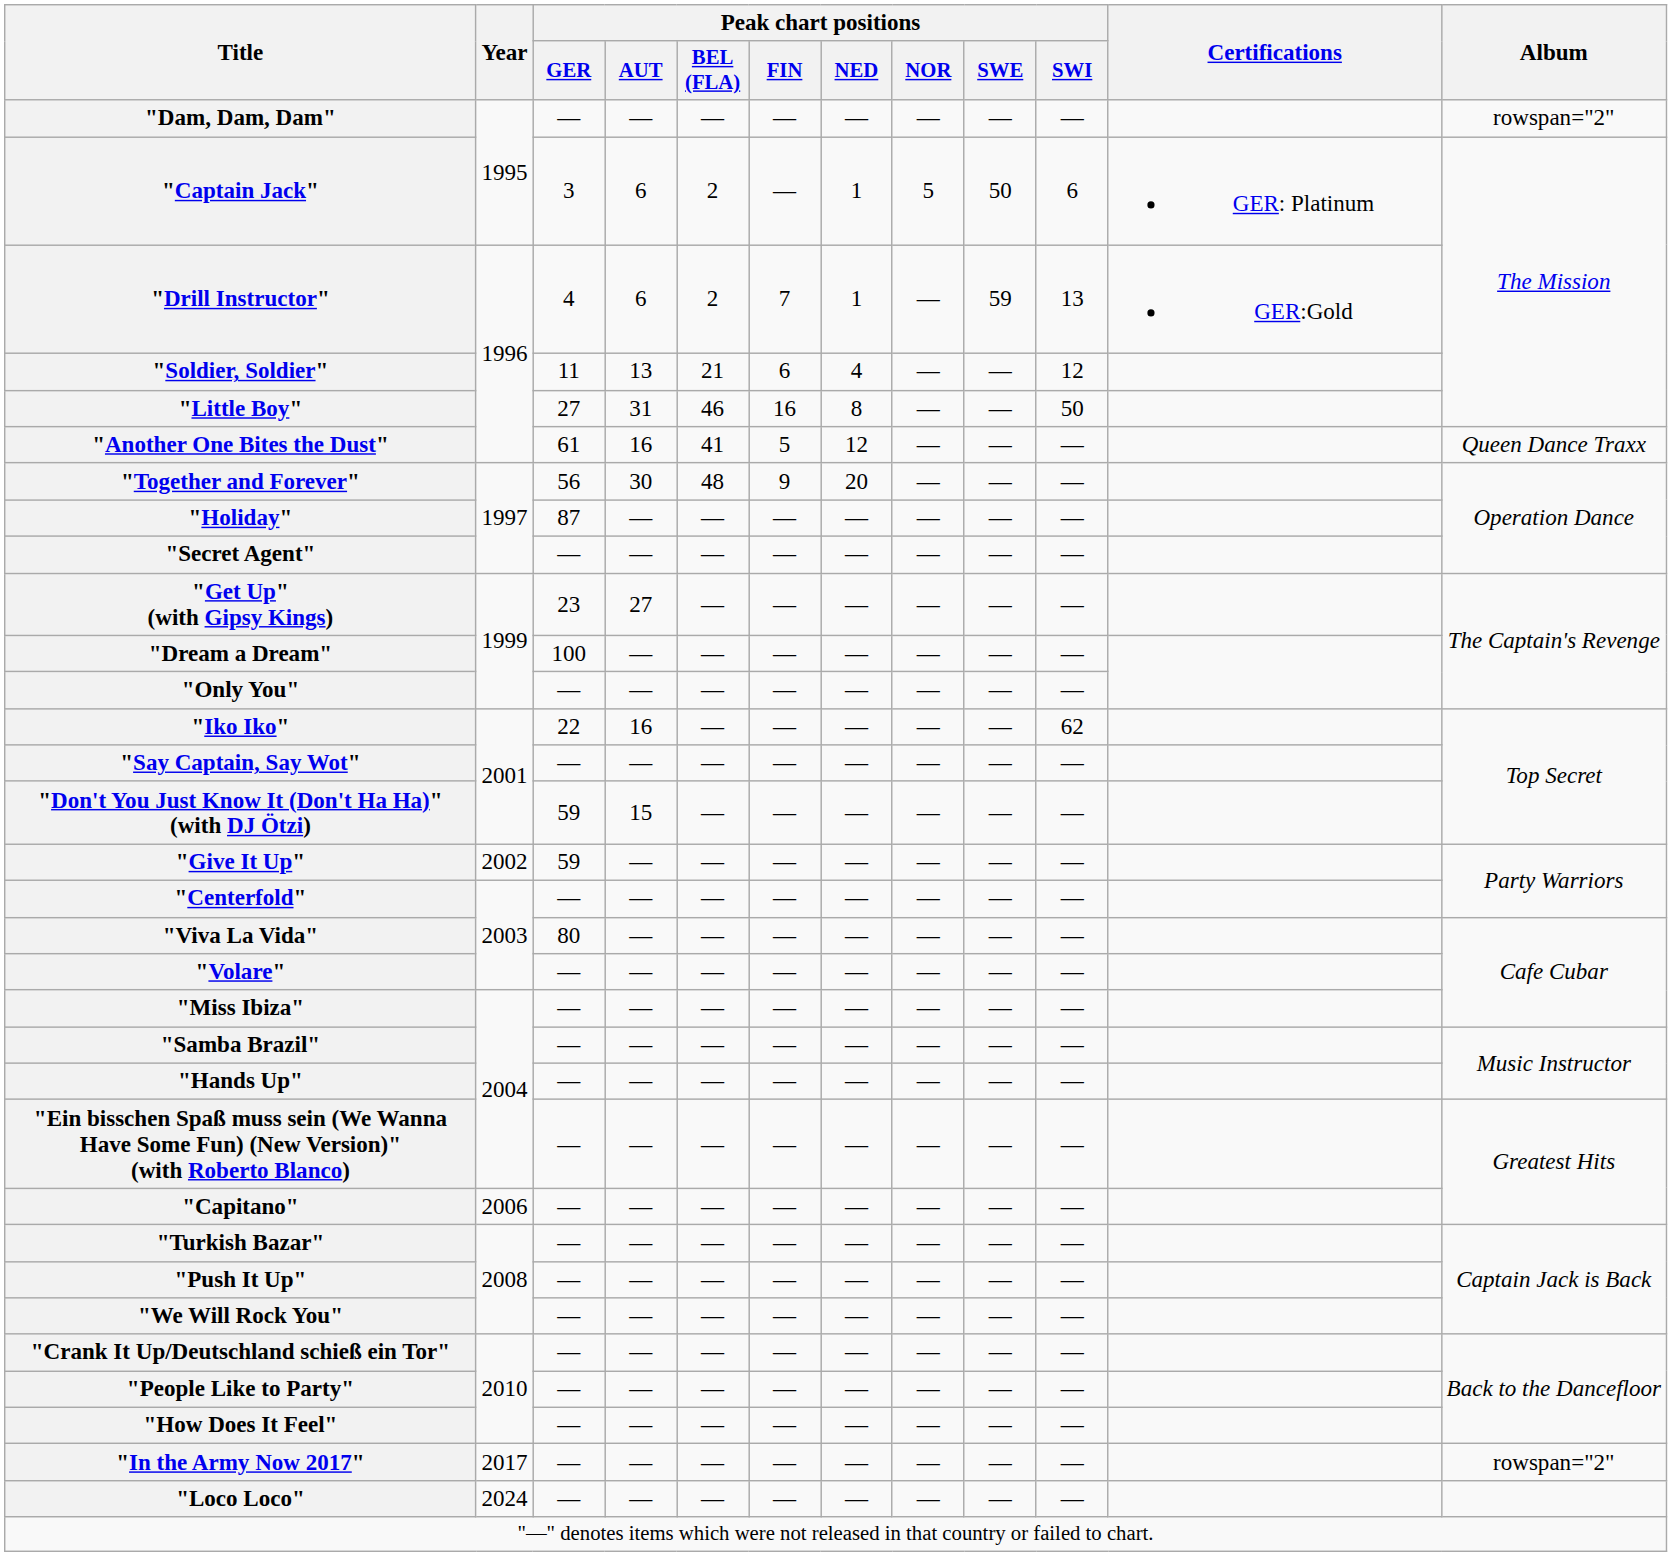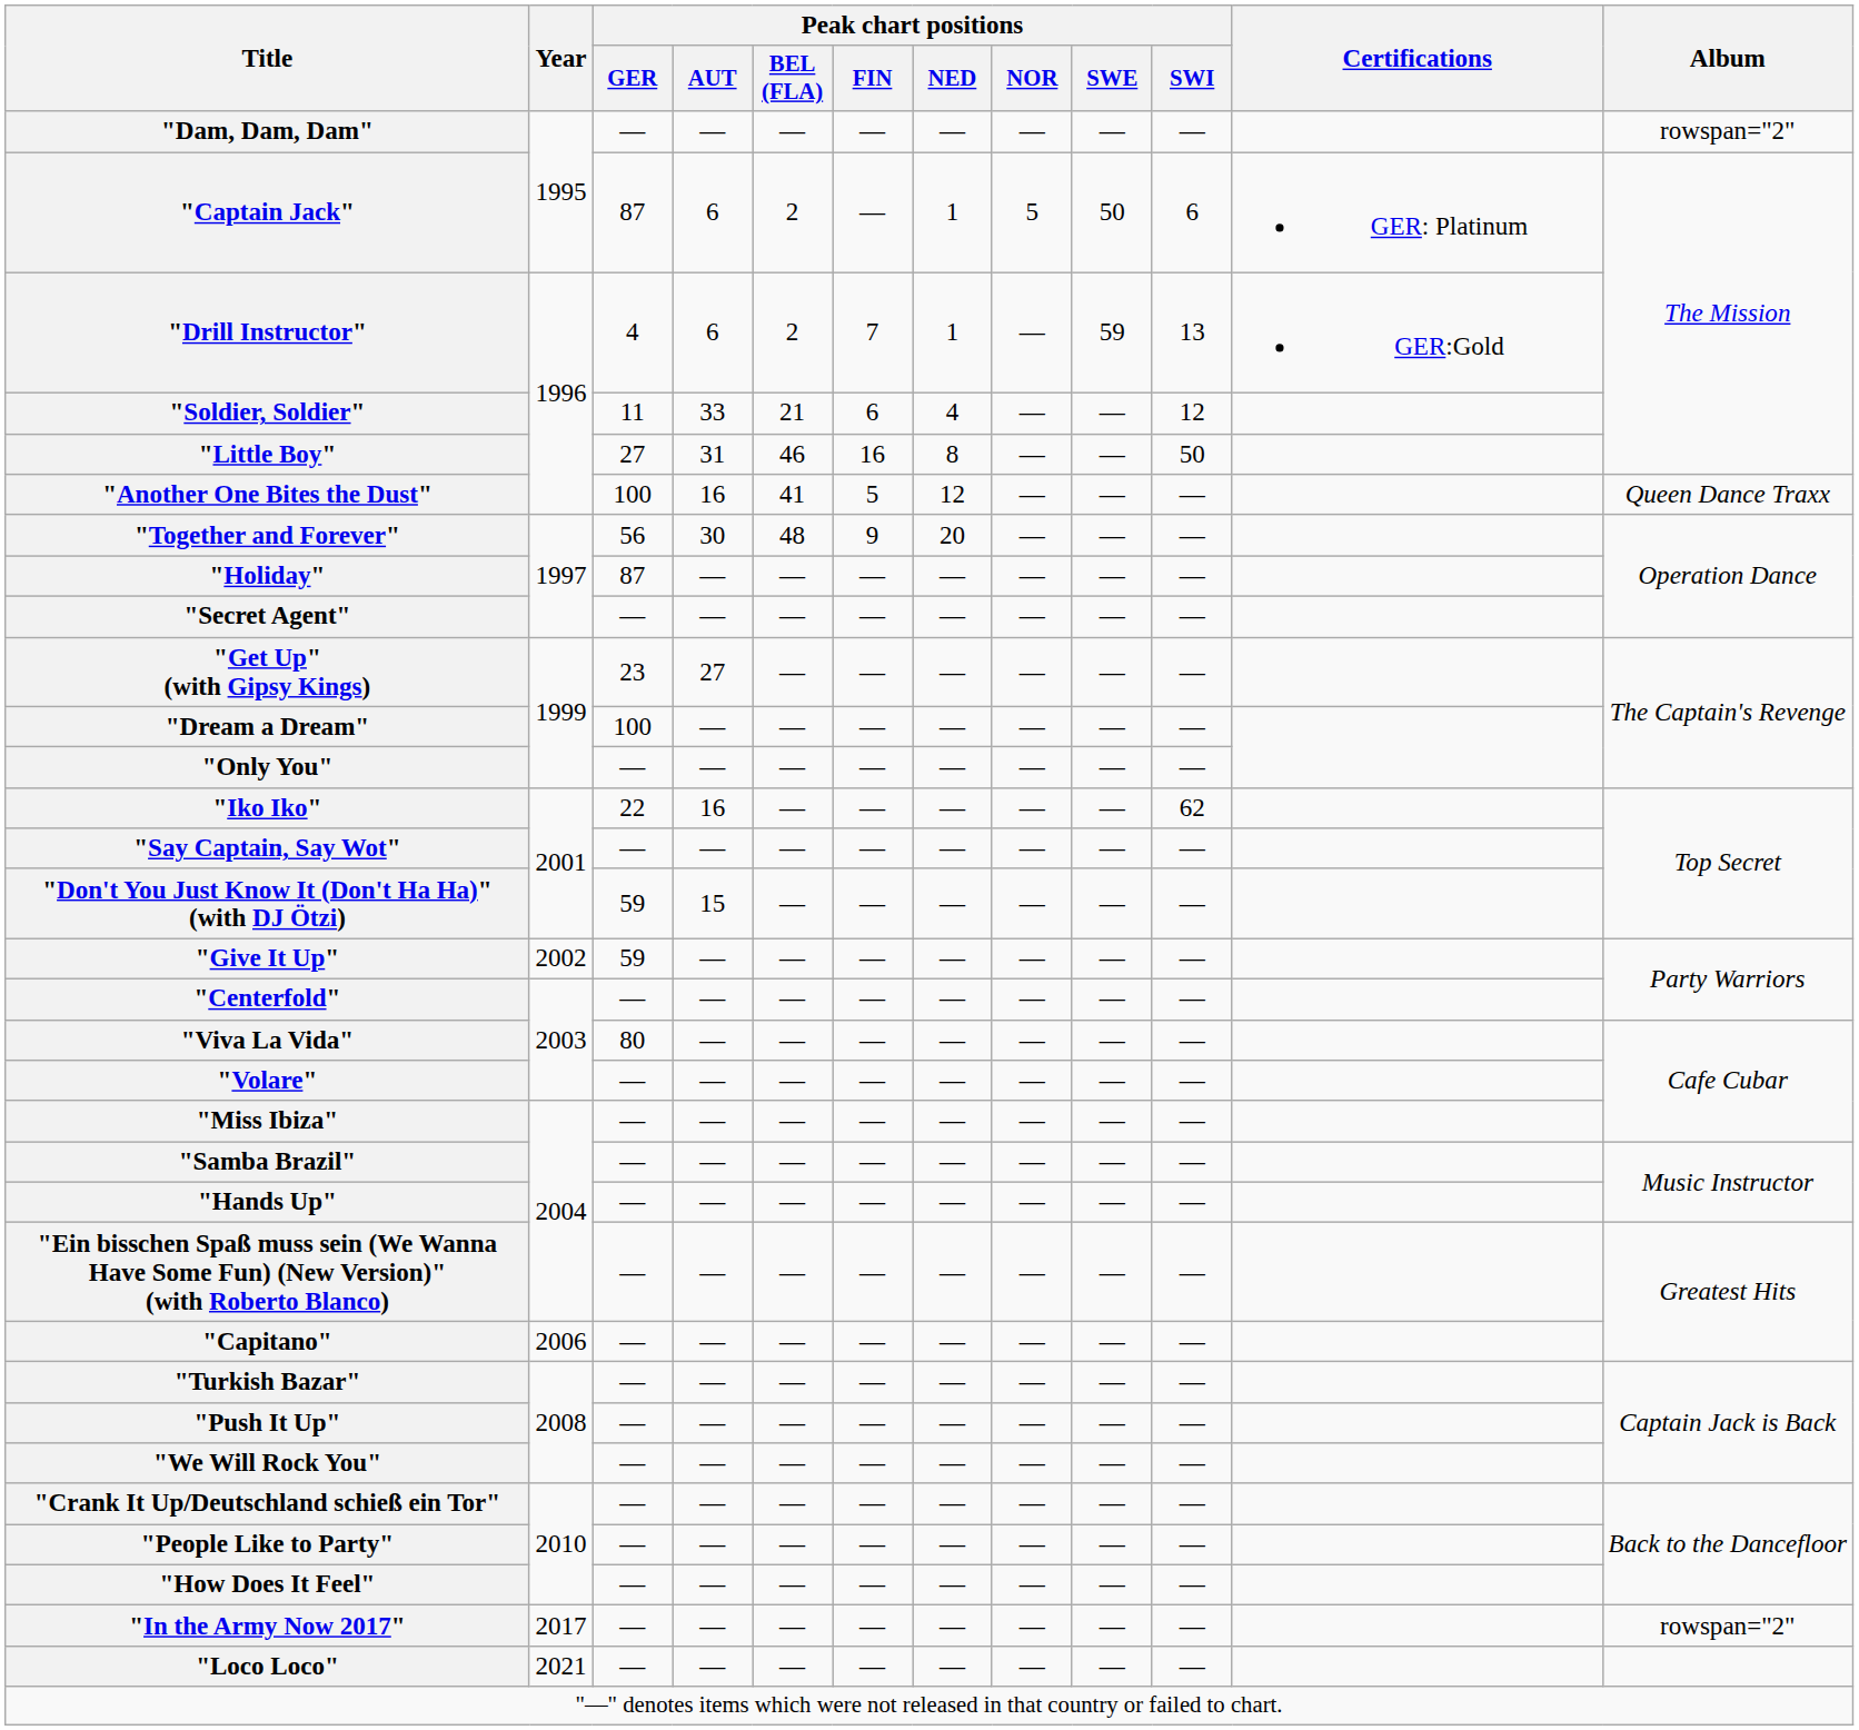 <table class="wikitable plainrowheaders" style="text-align:center;">
 <tr>
 <th scope="col" rowspan="2" style="width:20em;">Title</th>
 <th scope="col" rowspan="2">Year</th>
 <th scope="col" colspan="8">Peak chart positions</th>
 <th scope="col" rowspan="2" style="width:14em;"><a href='#'>Certifications</a></th>
 <th scope="col" rowspan="2">Album</th>
 </tr>
 <tr>
 <th style="width:3em;font-size:90%"><a href='#'>GER</a><br></th>
 <th style="width:3em;font-size:90%"><a href='#'>AUT</a><br></th>
 <th style="width:3em;font-size:90%"><a href='#'>BEL (FLA)</a> <br></th>
 <th style="width:3em;font-size:90%"><a href='#'>FIN</a><br></th>
 <th style="width:3em;font-size:90%"><a href='#'>NED</a><br></th>
 <th style="width:3em;font-size:90%"><a href='#'>NOR</a><br></th>
 <th style="width:3em;font-size:90%"><a href='#'>SWE</a><br></th>
 <th style="width:3em;font-size:90%"><a href='#'>SWI</a><br></th>
 </tr>
 <tr>
 <th scope="row">"Dam, Dam, Dam"</th>
 <td rowspan="2">1995</td>
 <td>—</td>
 <td>—</td>
 <td>—</td>
 <td>—</td>
 <td>—</td>
 <td>—</td>
 <td>—</td>
 <td>—</td>
 <td></td>
 <td>rowspan="2" </td>
 </tr>
 <tr>
 <th scope="row">"<a href='#'>Captain Jack</a>"</th>
-<td>3</td>
+<td>87</td>
 <td>6</td>
 <td>2</td>
 <td>—</td>
 <td>1</td>
 <td>5</td>
 <td>50</td>
 <td>6</td>
 <td><br><ul><li><a href='#'>GER</a>: Platinum</li></ul></td>
 <td rowspan="4"><em><a href='#'>The Mission</a></em></td>
 </tr>
 <tr>
 <th scope="row">"<a href='#'>Drill Instructor</a>"</th>
 <td rowspan="4">1996</td>
 <td>4</td>
 <td>6</td>
 <td>2</td>
 <td>7</td>
 <td>1</td>
 <td>—</td>
 <td>59</td>
 <td>13</td>
 <td><br><ul><li><a href='#'>GER</a>:Gold</li></ul></td>
 </tr>
 <tr>
 <th scope="row">"<a href='#'>Soldier, Soldier</a>"</th>
 <td>11</td>
-<td>13</td>
+<td>33</td>
 <td>21</td>
 <td>6</td>
 <td>4</td>
 <td>—</td>
 <td>—</td>
 <td>12</td>
 <td></td>
 </tr>
 <tr>
 <th scope="row">"<a href='#'>Little Boy</a>"</th>
 <td>27</td>
 <td>31</td>
 <td>46</td>
 <td>16</td>
 <td>8</td>
 <td>—</td>
 <td>—</td>
 <td>50</td>
 <td></td>
 </tr>
 <tr>
 <th scope="row">"<a href='#'>Another One Bites the Dust</a>"</th>
-<td>61</td>
+<td>100</td>
 <td>16</td>
 <td>41</td>
 <td>5</td>
 <td>12</td>
 <td>—</td>
 <td>—</td>
 <td>—</td>
 <td></td>
 <td><em>Queen Dance Traxx</em></td>
 </tr>
 <tr>
 <th scope="row">"<a href='#'>Together and Forever</a>"</th>
 <td rowspan="3">1997</td>
 <td>56</td>
 <td>30</td>
 <td>48</td>
 <td>9</td>
 <td>20</td>
 <td>—</td>
 <td>—</td>
 <td>—</td>
 <td></td>
 <td rowspan="3"><em>Operation Dance</em></td>
 </tr>
 <tr>
 <th scope="row">"<a href='#'>Holiday</a>"</th>
 <td>87</td>
 <td>—</td>
 <td>—</td>
 <td>—</td>
 <td>—</td>
 <td>—</td>
 <td>—</td>
 <td>—</td>
 <td></td>
 </tr>
 <tr>
 <th scope="row">"Secret Agent"</th>
 <td>—</td>
 <td>—</td>
 <td>—</td>
 <td>—</td>
 <td>—</td>
 <td>—</td>
 <td>—</td>
 <td>—</td>
 <td></td>
 </tr>
 <tr>
 <th scope="row">"<a href='#'>Get Up</a>" <br><span>(with <a href='#'>Gipsy Kings</a>)</span></th>
 <td rowspan="3">1999</td>
 <td>23</td>
 <td>27</td>
 <td>—</td>
 <td>—</td>
 <td>—</td>
 <td>—</td>
 <td>—</td>
 <td>—</td>
 <td></td>
 <td rowspan="3"><em>The Captain's Revenge</em></td>
 </tr>
 <tr>
 <th scope="row">"Dream a Dream"</th>
 <td>100</td>
 <td>—</td>
 <td>—</td>
 <td>—</td>
 <td>—</td>
 <td>—</td>
 <td>—</td>
 <td>—</td>
 </tr>
 <tr>
 <th scope="row">"Only You"</th>
 <td>—</td>
 <td>—</td>
 <td>—</td>
 <td>—</td>
 <td>—</td>
 <td>—</td>
 <td>—</td>
 <td>—</td>
 </tr>
 <tr>
 <th scope="row">"<a href='#'>Iko Iko</a>"</th>
 <td rowspan="3">2001</td>
 <td>22</td>
 <td>16</td>
 <td>—</td>
 <td>—</td>
 <td>—</td>
 <td>—</td>
 <td>—</td>
 <td>62</td>
 <td></td>
 <td rowspan="3"><em>Top Secret</em></td>
 </tr>
 <tr>
 <th scope="row">"<a href='#'>Say Captain, Say Wot</a>"</th>
 <td>—</td>
 <td>—</td>
 <td>—</td>
 <td>—</td>
 <td>—</td>
 <td>—</td>
 <td>—</td>
 <td>—</td>
 <td></td>
 </tr>
 <tr>
 <th scope="row">"<a href='#'>Don't You Just Know It (Don't Ha Ha)</a>" <br><span>(with <a href='#'>DJ Ötzi</a>)</span></th>
 <td>59</td>
 <td>15</td>
 <td>—</td>
 <td>—</td>
 <td>—</td>
 <td>—</td>
 <td>—</td>
 <td>—</td>
 <td></td>
 </tr>
 <tr>
 <th scope="row">"<a href='#'>Give It Up</a>"</th>
 <td>2002</td>
 <td>59</td>
 <td>—</td>
 <td>—</td>
 <td>—</td>
 <td>—</td>
 <td>—</td>
 <td>—</td>
 <td>—</td>
 <td></td>
 <td rowspan="2"><em>Party Warriors</em></td>
 </tr>
 <tr>
 <th scope="row">"<a href='#'>Centerfold</a>"</th>
 <td rowspan="3">2003</td>
 <td>—</td>
 <td>—</td>
 <td>—</td>
 <td>—</td>
 <td>—</td>
 <td>—</td>
 <td>—</td>
 <td>—</td>
 <td></td>
 </tr>
 <tr>
 <th scope="row">"Viva La Vida"</th>
 <td>80</td>
 <td>—</td>
 <td>—</td>
 <td>—</td>
 <td>—</td>
 <td>—</td>
 <td>—</td>
 <td>—</td>
 <td></td>
 <td rowspan="3"><em>Cafe Cubar</em></td>
 </tr>
 <tr>
 <th scope="row">"<a href='#'>Volare</a>"</th>
 <td>—</td>
 <td>—</td>
 <td>—</td>
 <td>—</td>
 <td>—</td>
 <td>—</td>
 <td>—</td>
 <td>—</td>
 <td></td>
 </tr>
 <tr>
 <th scope="row">"Miss Ibiza"</th>
 <td rowspan="4">2004</td>
 <td>—</td>
 <td>—</td>
 <td>—</td>
 <td>—</td>
 <td>—</td>
 <td>—</td>
 <td>—</td>
 <td>—</td>
 <td></td>
 </tr>
 <tr>
 <th scope="row">"Samba Brazil"</th>
 <td>—</td>
 <td>—</td>
 <td>—</td>
 <td>—</td>
 <td>—</td>
 <td>—</td>
 <td>—</td>
 <td>—</td>
 <td></td>
 <td rowspan="2"><em>Music Instructor</em></td>
 </tr>
 <tr>
 <th scope="row">"Hands Up"</th>
 <td>—</td>
 <td>—</td>
 <td>—</td>
 <td>—</td>
 <td>—</td>
 <td>—</td>
 <td>—</td>
 <td>—</td>
 <td></td>
 </tr>
 <tr>
 <th scope="row">"Ein bisschen Spaß muss sein (We Wanna Have Some Fun) (New Version)" <br><span>(with <a href='#'>Roberto Blanco</a>)</span></th>
 <td>—</td>
 <td>—</td>
 <td>—</td>
 <td>—</td>
 <td>—</td>
 <td>—</td>
 <td>—</td>
 <td>—</td>
 <td></td>
 <td align="center" rowspan="2"><em>Greatest Hits</em></td>
 </tr>
 <tr>
 <th scope="row">"Capitano"</th>
 <td>2006</td>
 <td>—</td>
 <td>—</td>
 <td>—</td>
 <td>—</td>
 <td>—</td>
 <td>—</td>
 <td>—</td>
 <td>—</td>
 <td></td>
 </tr>
 <tr>
 <th scope="row">"Turkish Bazar"</th>
 <td rowspan="3">2008</td>
 <td>—</td>
 <td>—</td>
 <td>—</td>
 <td>—</td>
 <td>—</td>
 <td>—</td>
 <td>—</td>
 <td>—</td>
 <td></td>
 <td align="center" rowspan="3"><em>Captain Jack is Back</em></td>
 </tr>
 <tr>
 <th scope="row">"Push It Up"</th>
 <td>—</td>
 <td>—</td>
 <td>—</td>
 <td>—</td>
 <td>—</td>
 <td>—</td>
 <td>—</td>
 <td>—</td>
 <td></td>
 </tr>
 <tr>
 <th scope="row">"We Will Rock You"</th>
 <td>—</td>
 <td>—</td>
 <td>—</td>
 <td>—</td>
 <td>—</td>
 <td>—</td>
 <td>—</td>
 <td>—</td>
 <td></td>
 </tr>
 <tr>
 <th scope="row">"Crank It Up/Deutschland schieß ein Tor"</th>
 <td rowspan="3">2010</td>
 <td>—</td>
 <td>—</td>
 <td>—</td>
 <td>—</td>
 <td>—</td>
 <td>—</td>
 <td>—</td>
 <td>—</td>
 <td></td>
 <td rowspan="3"><em>Back to the Dancefloor</em></td>
 </tr>
 <tr>
 <th scope="row">"People Like to Party"</th>
 <td>—</td>
 <td>—</td>
 <td>—</td>
 <td>—</td>
 <td>—</td>
 <td>—</td>
 <td>—</td>
 <td>—</td>
 <td></td>
 </tr>
 <tr>
 <th scope="row">"How Does It Feel"</th>
 <td>—</td>
 <td>—</td>
 <td>—</td>
 <td>—</td>
 <td>—</td>
 <td>—</td>
 <td>—</td>
 <td>—</td>
 <td></td>
 </tr>
 <tr>
 <th scope="row">"<a href='#'>In the Army Now 2017</a>"</th>
 <td>2017</td>
 <td>—</td>
 <td>—</td>
 <td>—</td>
 <td>—</td>
 <td>—</td>
 <td>—</td>
 <td>—</td>
 <td>—</td>
 <td></td>
 <td>rowspan="2" </td>
 </tr>
 <tr>
 <th scope="row">"Loco Loco"</th>
-<td>2024</td>
+<td>2021</td>
 <td>—</td>
 <td>—</td>
 <td>—</td>
 <td>—</td>
 <td>—</td>
 <td>—</td>
 <td>—</td>
 <td>—</td>
 <td></td>
 </tr>
 <tr>
 <td colspan="14" style="font-size:90%">"—" denotes items which were not released in that country or failed to chart.</td>
 </tr>
 </table>
